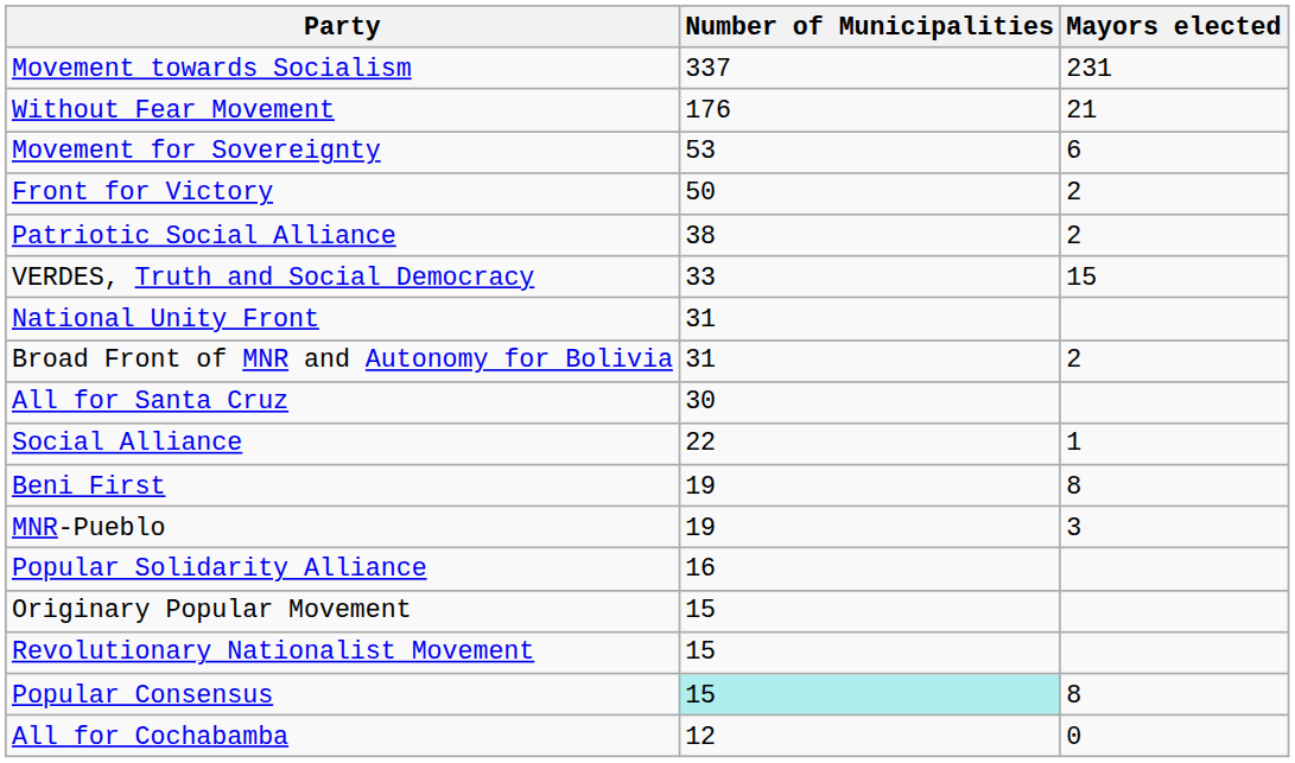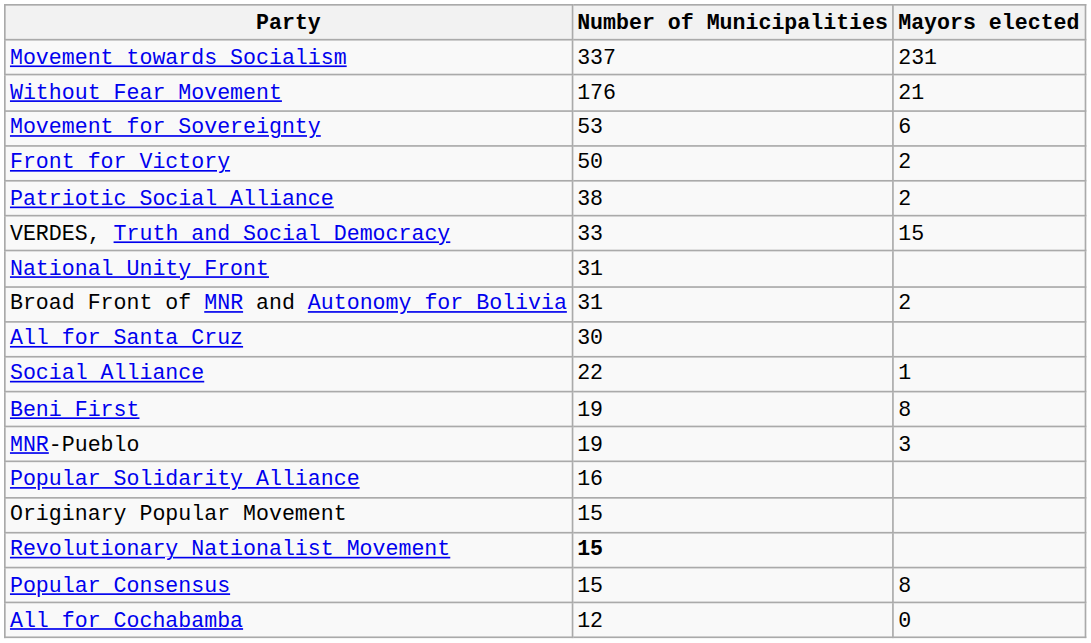 <table class="wikitable sortable">
 <tr>
 <th>Party</th>
 <th>Number of Municipalities</th>
 <th>Mayors elected</th>
 </tr>
 <tr>
 <td><a href='#'>Movement towards Socialism</a></td>
 <td>337</td>
 <td>231</td>
 </tr>
 <tr>
 <td><a href='#'>Without Fear Movement</a></td>
 <td>176</td>
 <td>21</td>
 </tr>
 <tr>
 <td><a href='#'>Movement for Sovereignty</a></td>
 <td>53</td>
 <td>6</td>
 </tr>
 <tr>
 <td><a href='#'>Front for Victory</a></td>
 <td>50</td>
 <td>2</td>
 </tr>
 <tr>
 <td><a href='#'>Patriotic Social Alliance</a></td>
 <td>38</td>
 <td>2</td>
 </tr>
 <tr>
 <td>VERDES, <a href='#'>Truth and Social Democracy</a></td>
 <td>33</td>
 <td>15</td>
 </tr>
 <tr>
 <td><a href='#'>National Unity Front</a></td>
 <td>31</td>
 </tr>
 <tr>
 <td>Broad Front of <a href='#'>MNR</a> and <a href='#'>Autonomy for Bolivia</a></td>
 <td>31</td>
 <td>2</td>
 </tr>
 <tr>
 <td><a href='#'>All for Santa Cruz</a></td>
 <td>30</td>
 <td></td>
 </tr>
 <tr>
 <td><a href='#'>Social Alliance</a></td>
 <td>22</td>
 <td>1</td>
 </tr>
 <tr>
 <td><a href='#'>Beni First</a></td>
 <td>19</td>
 <td>8</td>
 </tr>
 <tr>
 <td><a href='#'>MNR</a>-Pueblo</td>
 <td>19</td>
 <td>3</td>
 </tr>
 <tr>
 <td><a href='#'>Popular Solidarity Alliance</a></td>
 <td>16</td>
 <td></td>
 </tr>
 <tr>
 <td>Originary Popular Movement</td>
 <td>15</td>
 <td></td>
 </tr>
 <tr>
 <td><a href='#'>Revolutionary Nationalist Movement</a></td>
-<td>15</td>
+<td><strong>15</strong></td>
 <td></td>
 </tr>
 <tr>
 <td><a href='#'>Popular Consensus</a></td>
-<td style="background: paleturquoise;">15</td>
+<td>15</td>
 <td>8</td>
 </tr>
 <tr>
 <td><a href='#'>All for Cochabamba</a></td>
 <td>12</td>
 <td>0</td>
 </tr>
 </table>
